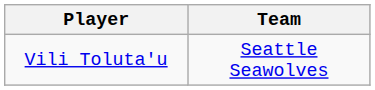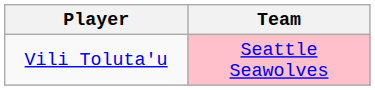 <table class="wikitable" style="text-align:center;">
 <tr>
 <th style="width:9.5em;">Player</th>
 <th style="width:9.5em;">Team</th>
 </tr>
 <tr>
 <td align=center> <a href='#'>Vili Toluta'u</a></td>
-<td><a href='#'>Seattle Seawolves</a></td>
+<td style="background: pink;"><a href='#'>Seattle Seawolves</a></td>
 </tr>
 </table>
